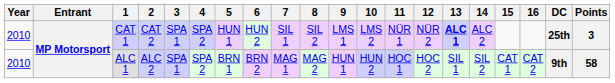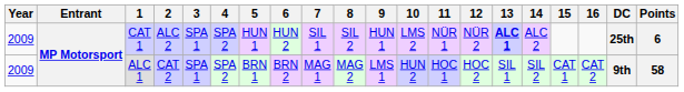 <table class="wikitable" style="text-align:center; font-size:85%">
 <tr>
 <th>Year</th>
 <th>Entrant</th>
 <th>1</th>
 <th>2</th>
 <th>3</th>
 <th>4</th>
 <th>5</th>
 <th>6</th>
 <th>7</th>
 <th>8</th>
 <th>9</th>
 <th>10</th>
 <th>11</th>
 <th>12</th>
 <th>13</th>
 <th>14</th>
 <th>15</th>
 <th>16</th>
 <th>DC</th>
 <th>Points</th>
 </tr>
 <tr>
-<td><a href='#'>2010</a></td>
+<td><a href='#'>2009</a></td>
 <th rowspan="2"><a href='#'>MP Motorsport</a></th>
 <td style="background:#cfcfff;"><a href='#'>CAT<br>1</a><br></td>
-<td style="background:#cfcfff;"><a href='#'>CAT<br>2</a><br></td>
+<td style="background:#cfcfff;"><a href='#'>ALC<br>2</a><br></td>
 <td style="background:#cfcfff;"><a href='#'>SPA<br>1</a><br></td>
 <td style="background:#cfcfff;"><a href='#'>SPA<br>2</a><br></td>
 <td style="background:#efcfff;"><a href='#'>HUN<br>1</a><br></td>
 <td style="background:#dfffdf;"><a href='#'>HUN<br>2</a><br></td>
 <td style="background:#efcfff;"><a href='#'>SIL<br>1</a><br></td>
 <td style="background:#efcfff;"><a href='#'>SIL<br>2</a><br></td>
-<td style="background:#efcfff;"><a href='#'>LMS<br>1</a><br></td>
+<td style="background:#efcfff;"><a href='#'>HUN<br>1</a><br></td>
 <td style="background:#efcfff;"><a href='#'>LMS<br>2</a><br></td>
 <td style="background:#efcfff;"><a href='#'>NÜR<br>1</a><br></td>
 <td style="background:#efcfff;"><a href='#'>NÜR<br>2</a><br></td>
 <td style="background:#cfcfff;"><strong><a href='#'>ALC<br>1</a><br></strong></td>
 <td style="background:#efcfff;"><a href='#'>ALC<br>2</a><br></td>
 <td></td>
 <td></td>
 <th>25th</th>
-<th>3</th>
+<th>6</th>
 </tr>
 <tr>
-<td><a href='#'>2010</a></td>
+<td><a href='#'>2009</a></td>
 <td style="background:#dfdfdf;"><a href='#'>ALC<br>1</a><br></td>
-<td style="background:#cfcfff;"><a href='#'>ALC<br>2</a><br></td>
+<td style="background:#cfcfff;"><a href='#'>CAT<br>2</a><br></td>
 <td style="background:#cfcfff;"><a href='#'>SPA<br>1</a><br></td>
 <td style="background:#dfffdf;"><a href='#'>SPA<br>2</a><br></td>
 <td style="background:#dfffdf;"><a href='#'>BRN<br>1</a><br></td>
 <td style="background:#efcfff;"><a href='#'>BRN<br>2</a><br></td>
 <td style="background:#efcfff;"><a href='#'>MAG<br>1</a><br></td>
 <td style="background:#dfffdf;"><a href='#'>MAG<br>2</a><br></td>
-<td style="background:#efcfff;"><a href='#'>HUN<br>1</a><br></td>
+<td style="background:#efcfff;"><a href='#'>LMS<br>1</a><br></td>
 <td style="background:#cfcfff;"><a href='#'>HUN<br>2</a><br></td>
 <td style="background:#cfcfff;"><a href='#'>HOC<br>1</a><br></td>
 <td style="background:#dfffdf;"><a href='#'>HOC<br>2</a><br></td>
 <td style="background:#dfffdf;"><a href='#'>SIL<br>1</a><br></td>
 <td style="background:#dfffdf;"><a href='#'>SIL<br>2</a><br></td>
 <td style="background:#dfffdf;"><a href='#'>CAT<br>1</a><br></td>
 <td style="background:#dfffdf;"><a href='#'>CAT<br>2</a><br></td>
 <th>9th</th>
 <th>58</th>
 </tr>
 </table>
